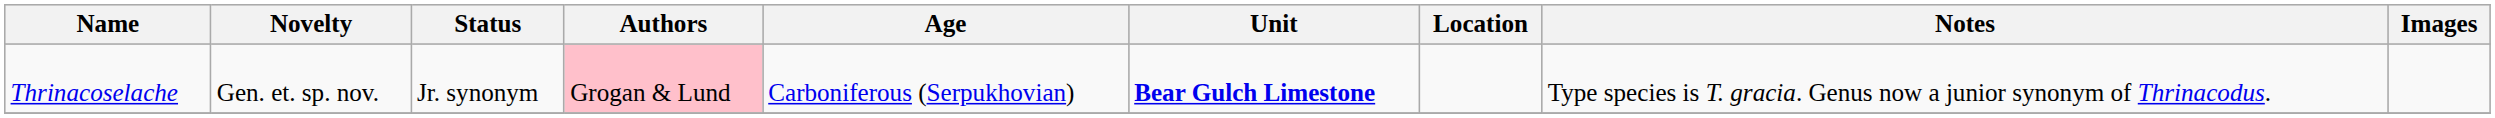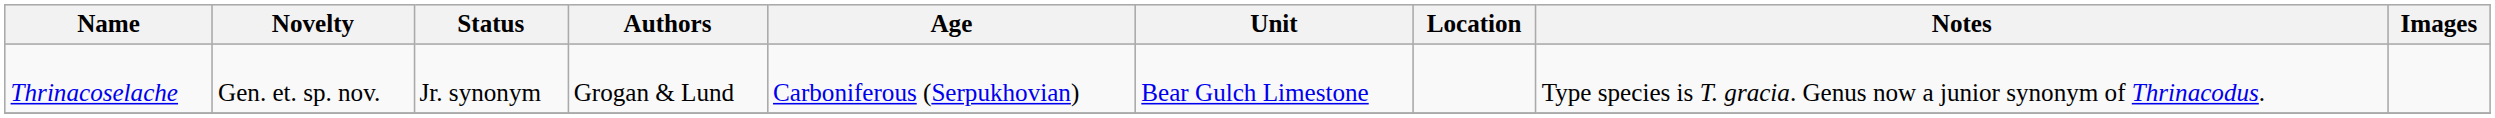 <table class="wikitable sortable" align="center" width="100%">
 <tr>
 <th>Name</th>
 <th>Novelty</th>
 <th>Status</th>
 <th>Authors</th>
 <th>Age</th>
 <th>Unit</th>
 <th>Location</th>
 <th>Notes</th>
 <th>Images</th>
 </tr>
 <tr>
 <td><br><em><a href='#'>Thrinacoselache</a></em></td>
 <td><br>Gen. et. sp. nov.</td>
 <td><br>Jr. synonym</td>
-<td style="background: pink;"><br>Grogan & Lund</td>
+<td><br>Grogan & Lund</td>
 <td><br><a href='#'>Carboniferous</a> (<a href='#'>Serpukhovian</a>)</td>
-<td><strong><br><a href='#'>Bear Gulch Limestone</a></strong></td>
+<td><br><a href='#'>Bear Gulch Limestone</a></td>
 <td><br></td>
 <td><br>Type species is <em>T. gracia</em>. Genus now a junior synonym of <em><a href='#'>Thrinacodus</a></em>.</td>
 <td></td>
 </tr>
 <tr>
 </tr>
 </table>
